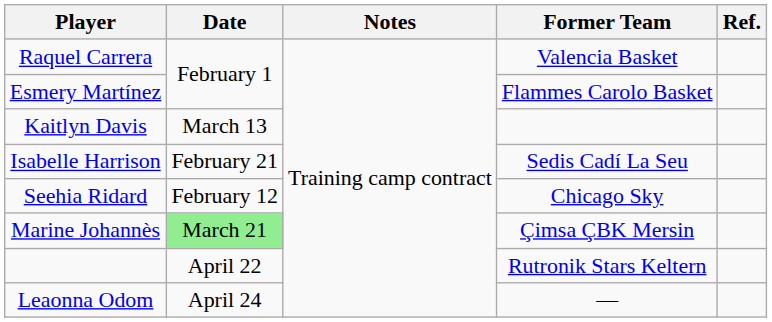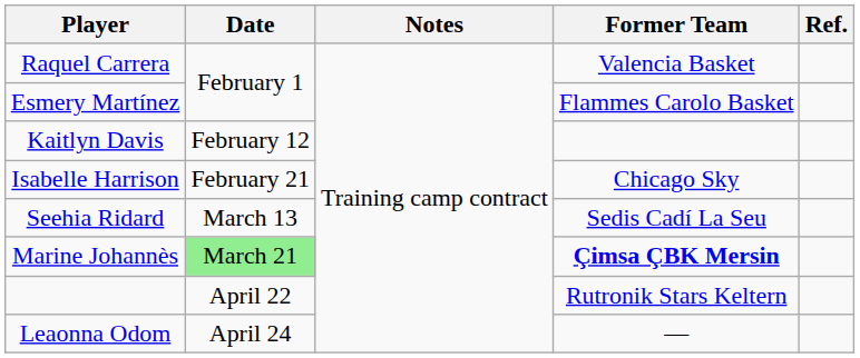 <table class="wikitable sortable sortable" style="text-align: center">
 <tr>
 <th>Player</th>
 <th>Date</th>
 <th>Notes</th>
 <th>Former Team</th>
 <th>Ref.</th>
 </tr>
 <tr>
 <td><a href='#'>Raquel Carrera</a></td>
 <td rowspan=2>February 1</td>
 <td rowspan=8>Training camp contract</td>
 <td><a href='#'>Valencia Basket</a></td>
 <td></td>
 </tr>
 <tr>
 <td><a href='#'>Esmery Martínez</a></td>
 <td><a href='#'>Flammes Carolo Basket</a></td>
 <td></td>
 </tr>
 <tr>
 <td><a href='#'>Kaitlyn Davis</a></td>
-<td>March 13</td>
+<td>February 12</td>
 <td></td>
 <td></td>
 </tr>
 <tr>
 <td><a href='#'>Isabelle Harrison</a></td>
 <td>February 21</td>
-<td><a href='#'>Sedis Cadí La Seu</a></td>
+<td><a href='#'>Chicago Sky</a></td>
 <td></td>
 </tr>
 <tr>
 <td><a href='#'>Seehia Ridard</a></td>
-<td>February 12</td>
-<td><a href='#'>Chicago Sky</a></td>
+<td>March 13</td>
+<td><a href='#'>Sedis Cadí La Seu</a></td>
 <td></td>
 </tr>
 <tr>
 <td><a href='#'>Marine Johannès</a></td>
 <td style="background: lightgreen;">March 21</td>
-<td><a href='#'>Çimsa ÇBK Mersin</a></td>
+<td><strong><a href='#'>Çimsa ÇBK Mersin</a></strong></td>
 <td></td>
 </tr>
 <tr>
 <td></td>
 <td>April 22</td>
 <td><a href='#'>Rutronik Stars Keltern</a></td>
 <td></td>
 </tr>
 <tr>
 <td><a href='#'>Leaonna Odom</a></td>
 <td>April 24</td>
 <td>—</td>
 <td></td>
 </tr>
 </table>
